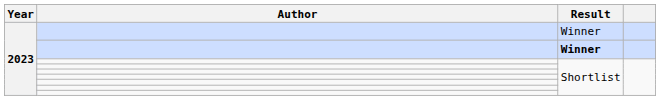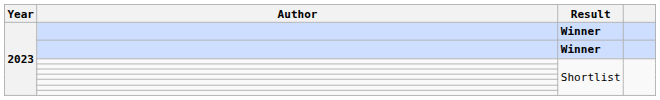 <table class="wikitable">
 <tr>
 <th scope="col" width="5%">Year</th>
 <th scope="col" width="80%">Author</th>
 <th scope="col" width="10%">Result</th>
 <th scope="col" width="5%"></th>
 </tr>
 <tr style="background:#cddeff">
 <th rowspan="9">2023</th>
 <td></td>
-<td>Winner</td>
+<td><strong>Winner</strong></td>
 <td></td>
 </tr>
 <tr style="background:#cddeff">
 <td></td>
 <td><strong>Winner</strong></td>
 <td></td>
 </tr>
 <tr>
 <td></td>
 <td rowspan="7">Shortlist</td>
 <td rowspan="7"></td>
 </tr>
 <tr>
 <td></td>
 </tr>
 <tr>
 <td></td>
 </tr>
 <tr>
 <td></td>
 </tr>
 <tr>
 <td></td>
 </tr>
 <tr>
 <td></td>
 </tr>
 <tr>
 <td></td>
 </tr>
 </table>
